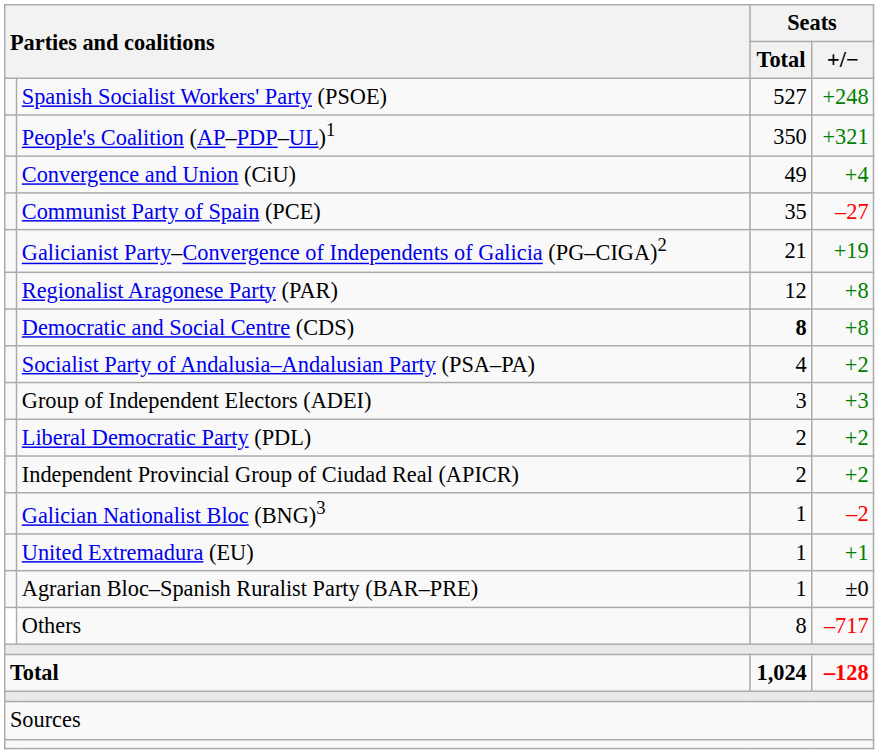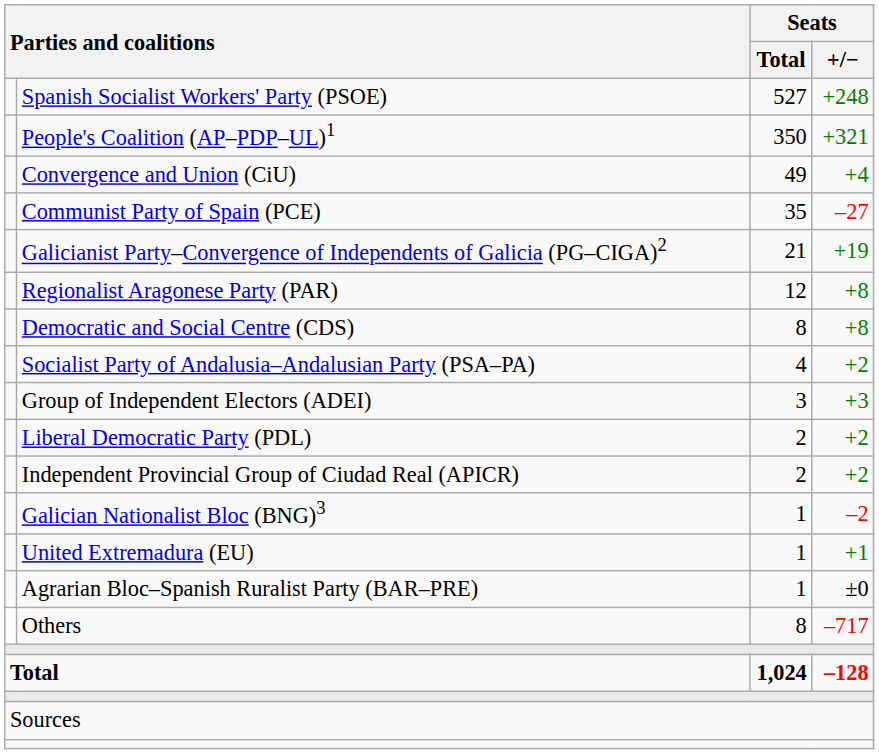 <table class="wikitable" style="text-align:right; font-size:95%;">
 <tr>
 <th style="text-align:left;" rowspan="2" colspan="2" width="500">Parties and coalitions</th>
 <th colspan="2">Seats</th>
 </tr>
 <tr>
 <th width="35">Total</th>
 <th width="35">+/−</th>
 </tr>
 <tr>
 <td width="1" style="color:inherit;background:"></td>
 <td align="left"><a href='#'>Spanish Socialist Workers' Party</a> (PSOE)</td>
 <td>527</td>
 <td style="color:green;">+248</td>
 </tr>
 <tr>
 <td style="color:inherit;background:"></td>
 <td align="left"><a href='#'>People's Coalition</a> (<a href='#'>AP</a>–<a href='#'>PDP</a>–<a href='#'>UL</a>)<sup>1</sup></td>
 <td>350</td>
 <td style="color:green;">+321</td>
 </tr>
 <tr>
 <td style="color:inherit;background:"></td>
 <td align="left"><a href='#'>Convergence and Union</a> (CiU)</td>
 <td>49</td>
 <td style="color:green;">+4</td>
 </tr>
 <tr>
 <td style="color:inherit;background:"></td>
 <td align="left"><a href='#'>Communist Party of Spain</a> (PCE)</td>
 <td>35</td>
 <td style="color:red;">–27</td>
 </tr>
 <tr>
 <td style="color:inherit;background:"></td>
 <td align="left"><a href='#'>Galicianist Party</a>–<a href='#'>Convergence of Independents of Galicia</a> (PG–CIGA)<sup>2</sup></td>
 <td>21</td>
 <td style="color:green;">+19</td>
 </tr>
 <tr>
 <td style="color:inherit;background:"></td>
 <td align="left"><a href='#'>Regionalist Aragonese Party</a> (PAR)</td>
 <td>12</td>
 <td style="color:green;">+8</td>
 </tr>
 <tr>
 <td style="color:inherit;background:"></td>
 <td align="left"><a href='#'>Democratic and Social Centre</a> (CDS)</td>
-<td><strong>8</strong></td>
+<td>8</td>
 <td style="color:green;">+8</td>
 </tr>
 <tr>
 <td style="color:inherit;background:"></td>
 <td align="left"><a href='#'>Socialist Party of Andalusia–Andalusian Party</a> (PSA–PA)</td>
 <td>4</td>
 <td style="color:green;">+2</td>
 </tr>
 <tr>
 <td style="color:inherit;background:"></td>
 <td align="left">Group of Independent Electors (ADEI)</td>
 <td>3</td>
 <td style="color:green;">+3</td>
 </tr>
 <tr>
 <td style="color:inherit;background:"></td>
 <td align="left"><a href='#'>Liberal Democratic Party</a> (PDL)</td>
 <td>2</td>
 <td style="color:green;">+2</td>
 </tr>
 <tr>
 <td style="color:inherit;background:"></td>
 <td align="left">Independent Provincial Group of Ciudad Real (APICR)</td>
 <td>2</td>
 <td style="color:green;">+2</td>
 </tr>
 <tr>
 <td style="color:inherit;background:"></td>
 <td align="left"><a href='#'>Galician Nationalist Bloc</a> (BNG)<sup>3</sup></td>
 <td>1</td>
 <td style="color:red;">–2</td>
 </tr>
 <tr>
 <td style="color:inherit;background:"></td>
 <td align="left"><a href='#'>United Extremadura</a> (EU)</td>
 <td>1</td>
 <td style="color:green;">+1</td>
 </tr>
 <tr>
 <td style="color:inherit;background:"></td>
 <td align="left">Agrarian Bloc–Spanish Ruralist Party (BAR–PRE)</td>
 <td>1</td>
 <td>±0</td>
 </tr>
 <tr>
 <td bgcolor="white"></td>
 <td align="left">Others</td>
 <td>8</td>
 <td style="color:red;">–717</td>
 </tr>
 <tr>
 <td colspan="4" bgcolor="#E9E9E9"></td>
 </tr>
 <tr style="font-weight:bold;">
 <td align="left" colspan="2">Total</td>
 <td>1,024</td>
 <td style="color:red;">–128</td>
 </tr>
 <tr>
 <td colspan="4" bgcolor="#E9E9E9"></td>
 </tr>
 <tr>
 <td align="left" colspan="4">Sources</td>
 </tr>
 <tr>
 <td colspan="6" style="text-align:left;font-size:95%;max-width:790px;"></td>
 </tr>
 </table>
